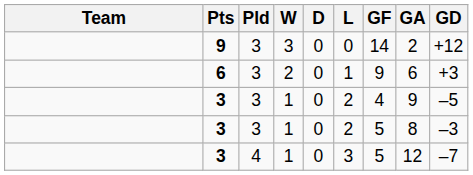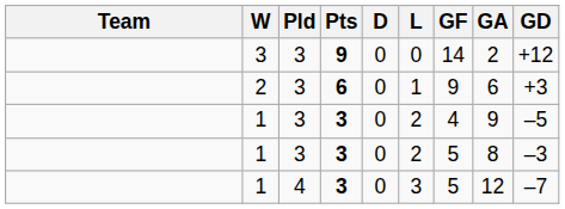 <table class=wikitable style="text-align:center">
 <tr>
 <th width=175>Team</th>
+<th width=20>W</th>
+<th width=20>Pld</th>
 <th width=20>Pts</th>
-<th width=20>Pld</th>
-<th width=20>W</th>
 <th width=20>D</th>
 <th width=20>L</th>
 <th width=20>GF</th>
 <th width=20>GA</th>
 <th width=20>GD</th>
 </tr>
 <tr>
 <td align=left></td>
-<td><strong>9</strong></td>
 <td>3</td>
 <td>3</td>
+<td><strong>9</strong></td>
 <td>0</td>
 <td>0</td>
 <td>14</td>
 <td>2</td>
 <td>+12</td>
 </tr>
 <tr>
 <td align=left></td>
+<td>2</td>
+<td>3</td>
 <td><strong>6</strong></td>
-<td>3</td>
-<td>2</td>
 <td>0</td>
 <td>1</td>
 <td>9</td>
 <td>6</td>
 <td>+3</td>
 </tr>
 <tr>
 <td align=left></td>
+<td>1</td>
+<td>3</td>
 <td><strong>3</strong></td>
-<td>3</td>
-<td>1</td>
 <td>0</td>
 <td>2</td>
 <td>4</td>
 <td>9</td>
 <td>–5</td>
 </tr>
 <tr>
 <td align=left></td>
+<td>1</td>
+<td>3</td>
 <td><strong>3</strong></td>
-<td>3</td>
-<td>1</td>
 <td>0</td>
 <td>2</td>
 <td>5</td>
 <td>8</td>
 <td>–3</td>
 </tr>
 <tr>
 <td align=left></td>
+<td>1</td>
+<td>4</td>
 <td><strong>3</strong></td>
-<td>4</td>
-<td>1</td>
 <td>0</td>
 <td>3</td>
 <td>5</td>
 <td>12</td>
 <td>–7</td>
 </tr>
 </table>
